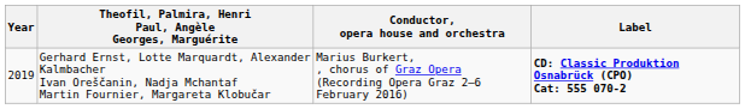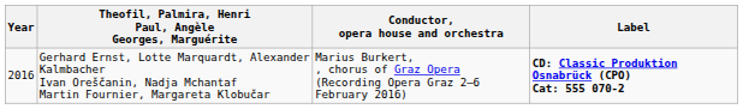 <table class="wikitable sortable">
 <tr>
 <th>Year</th>
 <th>Theofil, Palmira, Henri<br>Paul, Angèle<br>Georges, Marguérite</th>
 <th>Conductor,<br>opera house and orchestra</th>
 <th>Label</th>
 </tr>
 <tr>
-<td>2019</td>
+<td>2016</td>
 <td>Gerhard Ernst, Lotte Marquardt, Alexander Kalmbacher<br>Ivan Oreščanin, Nadja Mchantaf<br>Martin Fournier, Margareta Klobučar</td>
 <td>Marius Burkert,<br>, chorus of <a href='#'>Graz Opera</a><br>(Recording Opera Graz 2–6 February 2016)</td>
 <td><strong>CD: <a href='#'>Classic Produktion Osnabrück</a> (CPO)<br>Cat: 555 070-2</strong></td>
 </tr>
 </table>
